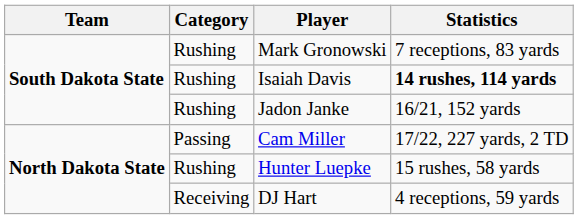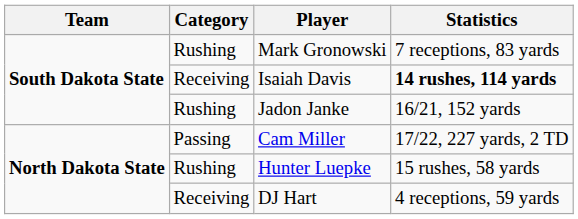 <table class="wikitable" style="float: left;">
 <tr>
 <th>Team</th>
 <th>Category</th>
 <th>Player</th>
 <th>Statistics</th>
 </tr>
 <tr>
 <td rowspan=3><strong>South Dakota State</strong></td>
 <td>Rushing</td>
 <td>Mark Gronowski</td>
 <td>7 receptions, 83 yards</td>
 </tr>
 <tr>
-<td>Rushing</td>
+<td>Receiving</td>
 <td>Isaiah Davis</td>
 <td><strong>14 rushes, 114 yards</strong></td>
 </tr>
 <tr>
 <td>Rushing</td>
 <td>Jadon Janke</td>
 <td>16/21, 152 yards</td>
 </tr>
 <tr>
 <td rowspan=3><strong>North Dakota State</strong></td>
 <td>Passing</td>
 <td><a href='#'>Cam Miller</a></td>
 <td>17/22, 227 yards, 2 TD</td>
 </tr>
 <tr>
 <td>Rushing</td>
 <td><a href='#'>Hunter Luepke</a></td>
 <td>15 rushes, 58 yards</td>
 </tr>
 <tr>
 <td>Receiving</td>
 <td>DJ Hart</td>
 <td>4 receptions, 59 yards</td>
 </tr>
 </table>
